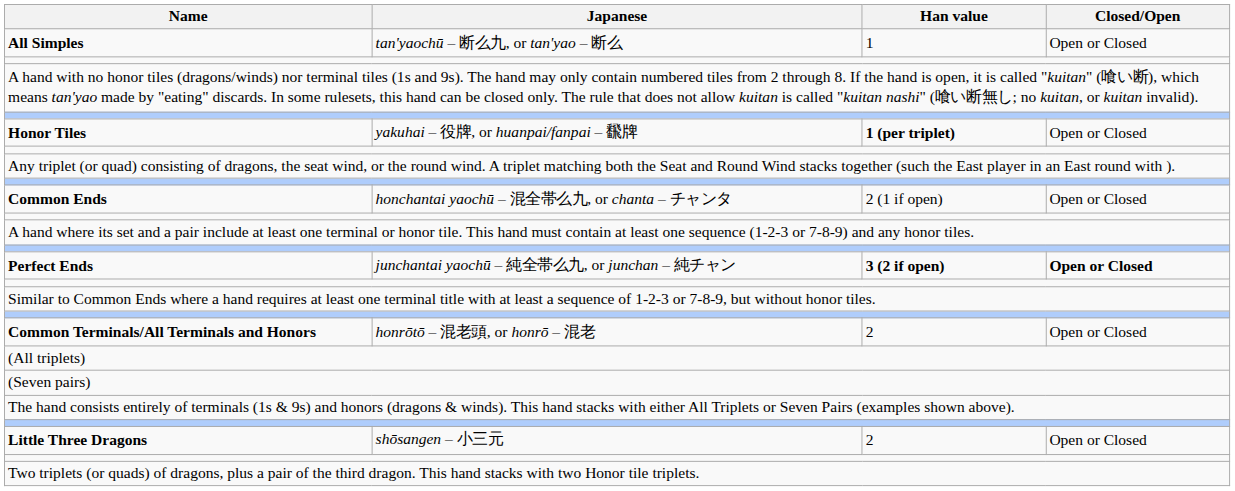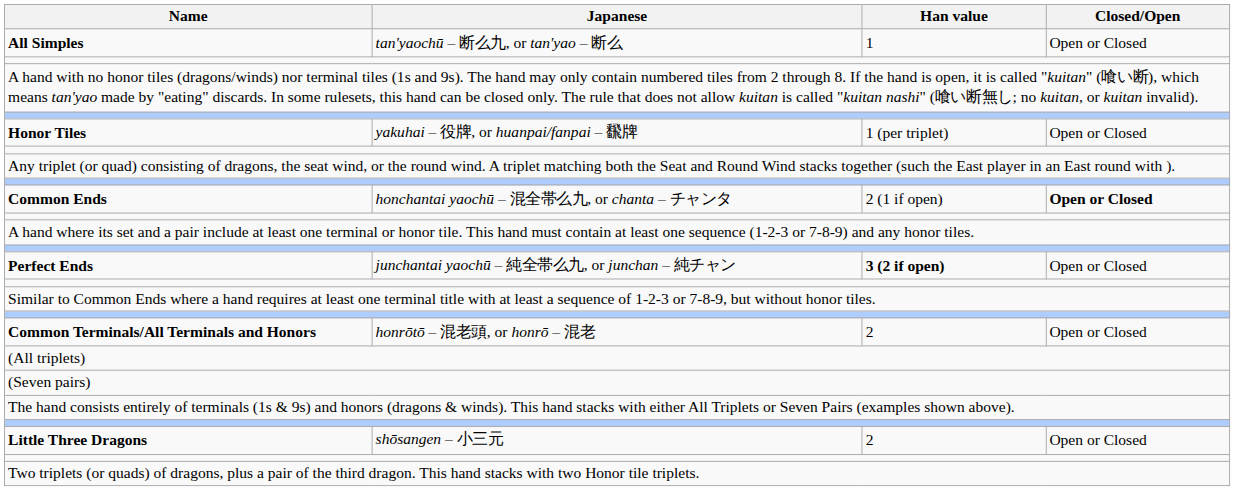 <table class="wikitable" width=100%>
 <tr>
 <th>Name</th>
 <th>Japanese</th>
 <th>Han value</th>
 <th>Closed/Open</th>
 </tr>
 <tr>
 <td width=30%><strong>All Simples</strong></td>
 <td width=40%><em>tan'yaochū</em> – 断么九, or <em>tan'yao</em> – 断么</td>
 <td width=15%>1</td>
 <td width=15%>Open or Closed</td>
 </tr>
 <tr>
 <td colspan=4></td>
 </tr>
 <tr>
 <td colspan=4>A hand with no honor tiles (dragons/winds) nor terminal tiles (1s and 9s). The hand may only contain numbered tiles from 2 through 8. If the hand is open, it is called "<em>kuitan</em>" (喰い断), which means <em>tan'yao</em> made by "eating" discards. In some rulesets, this hand can be closed only. The rule that does not allow <em>kuitan</em> is called "<em>kuitan nashi</em>" (喰い断無し; no <em>kuitan</em>, or <em>kuitan</em> invalid).</td>
 </tr>
 <tr>
 <td colspan=4 bgcolor="#AFCDFC"></td>
 </tr>
 <tr>
 <td width=30%><strong>Honor Tiles</strong></td>
 <td width=40%><em>yakuhai</em> – 役牌, or <em>huanpai/fanpai</em> – 飜牌</td>
-<td width=15%><strong>1 (per triplet)</strong></td>
+<td width=15%>1 (per triplet)</td>
 <td width=15%>Open or Closed</td>
 </tr>
 <tr>
 <td colspan=4></td>
 </tr>
 <tr>
 <td colspan=4>Any triplet (or quad) consisting of dragons, the seat wind, or the round wind. A triplet matching both the Seat and Round Wind stacks together (such the East player in an East round with ).</td>
 </tr>
 <tr>
 <td colspan=4 bgcolor="#AFCDFC"></td>
 </tr>
 <tr>
 <td width=30%><strong>Common Ends</strong></td>
 <td width=40%><em>honchantai yaochū</em> – 混全帯么九, or <em>chanta</em> – チャンタ</td>
 <td width=15%>2 (1 if open)</td>
-<td width=15%>Open or Closed</td>
+<td width=15%><strong>Open or Closed</strong></td>
 </tr>
 <tr>
 <td colspan=4></td>
 </tr>
 <tr>
 <td colspan=4>A hand where its set and a pair include at least one terminal or honor tile. This hand must contain at least one sequence (1-2-3 or 7-8-9) and any honor tiles.</td>
 </tr>
 <tr>
 <td colspan=4 bgcolor="#AFCDFC"></td>
 </tr>
 <tr>
 <td width=30%><strong>Perfect Ends</strong></td>
 <td width=40%><em>junchantai yaochū</em> – 純全帯么九, or <em>junchan</em> – 純チャン</td>
 <td width=15%><strong>3 (2 if open)</strong></td>
-<td width=15%><strong>Open or Closed</strong></td>
+<td width=15%>Open or Closed</td>
 </tr>
 <tr>
 <td colspan=4></td>
 </tr>
 <tr>
 <td colspan=4>Similar to Common Ends where a hand requires at least one terminal title with at least a sequence of 1-2-3 or 7-8-9, but without honor tiles.</td>
 </tr>
 <tr>
 <td colspan=4 bgcolor="#AFCDFC"></td>
 </tr>
 <tr>
 <td width=30%><strong>Common Terminals/All Terminals and Honors</strong></td>
 <td width=40%><em>honrōtō</em> – 混老頭, or <em>honrō</em> – 混老</td>
 <td width=15%>2</td>
 <td width=15%>Open or Closed</td>
 </tr>
 <tr>
 <td colspan=4>(All triplets)<br></td>
 </tr>
 <tr>
 <td colspan=4>(Seven pairs)<br></td>
 </tr>
 <tr>
 <td colspan=4>The hand consists entirely of terminals (1s & 9s) and honors (dragons & winds). This hand stacks with either All Triplets or Seven Pairs (examples shown above).</td>
 </tr>
 <tr>
 <td colspan=4 bgcolor="#AFCDFC"></td>
 </tr>
 <tr>
 <td width=30%><strong>Little Three Dragons</strong></td>
 <td width=40%><em>shōsangen</em> – 小三元</td>
 <td width=15%>2</td>
 <td width=15%>Open or Closed</td>
 </tr>
 <tr>
 <td colspan=4></td>
 </tr>
 <tr>
 <td colspan=4>Two triplets (or quads) of dragons, plus a pair of the third dragon. This hand stacks with two Honor tile triplets.</td>
 </tr>
 </table>
